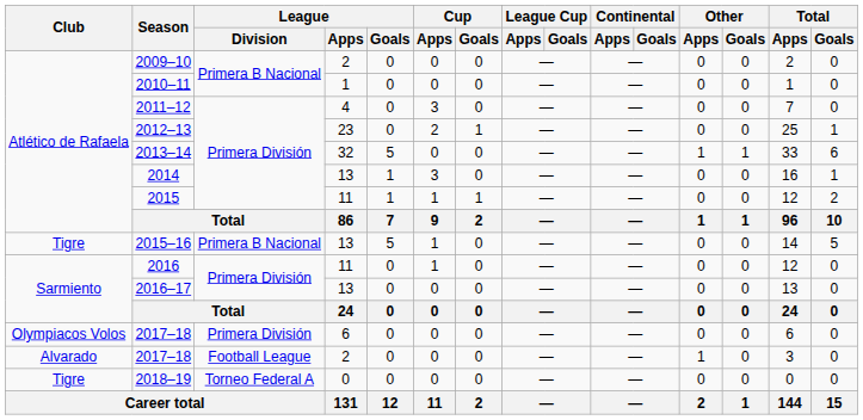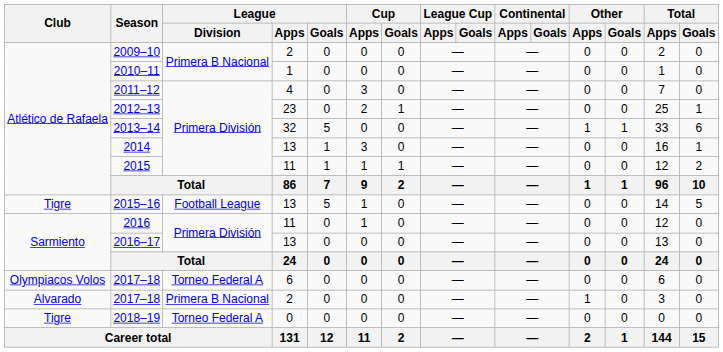 <table class="wikitable" style="text-align:center">
 <tr>
 <th rowspan="2">Club</th>
 <th rowspan="2">Season</th>
 <th colspan="3">League</th>
 <th colspan="2">Cup</th>
 <th colspan="2">League Cup</th>
 <th colspan="2">Continental</th>
 <th colspan="2">Other</th>
 <th colspan="2">Total</th>
 </tr>
 <tr>
 <th>Division</th>
 <th>Apps</th>
 <th>Goals</th>
 <th>Apps</th>
 <th>Goals</th>
 <th>Apps</th>
 <th>Goals</th>
 <th>Apps</th>
 <th>Goals</th>
 <th>Apps</th>
 <th>Goals</th>
 <th>Apps</th>
 <th>Goals</th>
 </tr>
 <tr>
 <td rowspan="8"><a href='#'>Atlético de Rafaela</a></td>
 <td><a href='#'>2009–10</a></td>
 <td rowspan="2"><a href='#'>Primera B Nacional</a></td>
 <td>2</td>
 <td>0</td>
 <td>0</td>
 <td>0</td>
 <td colspan="2">—</td>
 <td colspan="2">—</td>
 <td>0</td>
 <td>0</td>
 <td>2</td>
 <td>0</td>
 </tr>
 <tr>
 <td><a href='#'>2010–11</a></td>
 <td>1</td>
 <td>0</td>
 <td>0</td>
 <td>0</td>
 <td colspan="2">—</td>
 <td colspan="2">—</td>
 <td>0</td>
 <td>0</td>
 <td>1</td>
 <td>0</td>
 </tr>
 <tr>
 <td><a href='#'>2011–12</a></td>
 <td rowspan="5"><a href='#'>Primera División</a></td>
 <td>4</td>
 <td>0</td>
 <td>3</td>
 <td>0</td>
 <td colspan="2">—</td>
 <td colspan="2">—</td>
 <td>0</td>
 <td>0</td>
 <td>7</td>
 <td>0</td>
 </tr>
 <tr>
 <td><a href='#'>2012–13</a></td>
 <td>23</td>
 <td>0</td>
 <td>2</td>
 <td>1</td>
 <td colspan="2">—</td>
 <td colspan="2">—</td>
 <td>0</td>
 <td>0</td>
 <td>25</td>
 <td>1</td>
 </tr>
 <tr>
 <td><a href='#'>2013–14</a></td>
 <td>32</td>
 <td>5</td>
 <td>0</td>
 <td>0</td>
 <td colspan="2">—</td>
 <td colspan="2">—</td>
 <td>1</td>
 <td>1</td>
 <td>33</td>
 <td>6</td>
 </tr>
 <tr>
 <td><a href='#'>2014</a></td>
 <td>13</td>
 <td>1</td>
 <td>3</td>
 <td>0</td>
 <td colspan="2">—</td>
 <td colspan="2">—</td>
 <td>0</td>
 <td>0</td>
 <td>16</td>
 <td>1</td>
 </tr>
 <tr>
 <td><a href='#'>2015</a></td>
 <td>11</td>
 <td>1</td>
 <td>1</td>
 <td>1</td>
 <td colspan="2">—</td>
 <td colspan="2">—</td>
 <td>0</td>
 <td>0</td>
 <td>12</td>
 <td>2</td>
 </tr>
 <tr>
 <th colspan="2">Total</th>
 <th>86</th>
 <th>7</th>
 <th>9</th>
 <th>2</th>
 <th colspan="2">—</th>
 <th colspan="2">—</th>
 <th>1</th>
 <th>1</th>
 <th>96</th>
 <th>10</th>
 </tr>
 <tr>
 <td rowspan="1"><a href='#'>Tigre</a></td>
 <td><a href='#'>2015–16</a></td>
-<td rowspan="1"><a href='#'>Primera B Nacional</a></td>
+<td rowspan="1"><a href='#'>Football League</a></td>
 <td>13</td>
 <td>5</td>
 <td>1</td>
 <td>0</td>
 <td colspan="2">—</td>
 <td colspan="2">—</td>
 <td>0</td>
 <td>0</td>
 <td>14</td>
 <td>5</td>
 </tr>
 <tr>
 <td rowspan="3"><a href='#'>Sarmiento</a></td>
 <td><a href='#'>2016</a></td>
 <td rowspan="2"><a href='#'>Primera División</a></td>
 <td>11</td>
 <td>0</td>
 <td>1</td>
 <td>0</td>
 <td colspan="2">—</td>
 <td colspan="2">—</td>
 <td>0</td>
 <td>0</td>
 <td>12</td>
 <td>0</td>
 </tr>
 <tr>
 <td><a href='#'>2016–17</a></td>
 <td>13</td>
 <td>0</td>
 <td>0</td>
 <td>0</td>
 <td colspan="2">—</td>
 <td colspan="2">—</td>
 <td>0</td>
 <td>0</td>
 <td>13</td>
 <td>0</td>
 </tr>
 <tr>
 <th colspan="2">Total</th>
 <th>24</th>
 <th>0</th>
 <th>0</th>
 <th>0</th>
 <th colspan="2">—</th>
 <th colspan="2">—</th>
 <th>0</th>
 <th>0</th>
 <th>24</th>
 <th>0</th>
 </tr>
 <tr>
 <td rowspan="1"><a href='#'>Olympiacos Volos</a></td>
 <td><a href='#'>2017–18</a></td>
-<td rowspan="1"><a href='#'>Primera División</a></td>
+<td rowspan="1"><a href='#'>Torneo Federal A</a></td>
 <td>6</td>
 <td>0</td>
 <td>0</td>
 <td>0</td>
 <td colspan="2">—</td>
 <td colspan="2">—</td>
 <td>0</td>
 <td>0</td>
 <td>6</td>
 <td>0</td>
 </tr>
 <tr>
 <td rowspan="1"><a href='#'>Alvarado</a></td>
 <td><a href='#'>2017–18</a></td>
-<td rowspan="1"><a href='#'>Football League</a></td>
+<td rowspan="1"><a href='#'>Primera B Nacional</a></td>
 <td>2</td>
 <td>0</td>
 <td>0</td>
 <td>0</td>
 <td colspan="2">—</td>
 <td colspan="2">—</td>
 <td>1</td>
 <td>0</td>
 <td>3</td>
 <td>0</td>
 </tr>
 <tr>
 <td rowspan="1"><a href='#'>Tigre</a></td>
 <td><a href='#'>2018–19</a></td>
 <td rowspan="1"><a href='#'>Torneo Federal A</a></td>
 <td>0</td>
 <td>0</td>
 <td>0</td>
 <td>0</td>
 <td colspan="2">—</td>
 <td colspan="2">—</td>
 <td>0</td>
 <td>0</td>
 <td>0</td>
 <td>0</td>
 </tr>
 <tr>
 <th colspan="3">Career total</th>
 <th>131</th>
 <th>12</th>
 <th>11</th>
 <th>2</th>
 <th colspan="2">—</th>
 <th colspan="2">—</th>
 <th>2</th>
 <th>1</th>
 <th>144</th>
 <th>15</th>
 </tr>
 </table>
